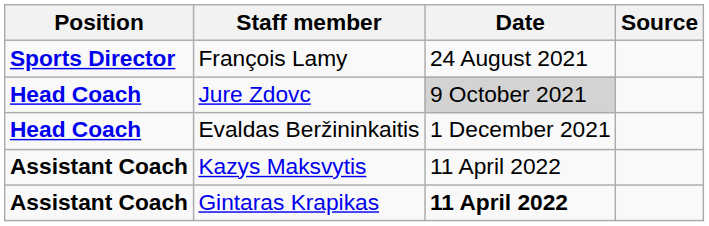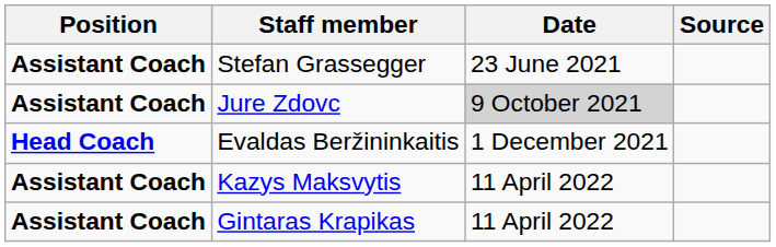 <table class="wikitable">
 <tr>
 <th>Position</th>
 <th>Staff member</th>
 <th>Date</th>
 <th>Source</th>
 </tr>
 <tr>
-<td><strong><a href='#'>Sports Director</a></strong></td>
-<td> François Lamy</td>
-<td>24 August 2021</td>
+<td><strong>Assistant Coach</strong></td>
+<td> Stefan Grassegger</td>
+<td>23 June 2021</td>
 <td></td>
 </tr>
 <tr>
-<td><strong><a href='#'>Head Coach</a></strong></td>
+<td><strong>Assistant Coach</strong></td>
 <td> <a href='#'>Jure Zdovc</a></td>
 <td style="background: lightgrey;">9 October 2021</td>
 <td></td>
 </tr>
 <tr>
 <td><strong><a href='#'>Head Coach</a></strong></td>
 <td> Evaldas Beržininkaitis</td>
 <td>1 December 2021</td>
 <td></td>
 </tr>
 <tr>
 <td><strong>Assistant Coach</strong></td>
 <td> <a href='#'>Kazys Maksvytis</a></td>
 <td>11 April 2022</td>
 <td></td>
 </tr>
 <tr>
 <td><strong>Assistant Coach</strong></td>
 <td> <a href='#'>Gintaras Krapikas</a></td>
-<td><strong>11 April 2022</strong></td>
+<td>11 April 2022</td>
 <td></td>
 </tr>
 </table>
